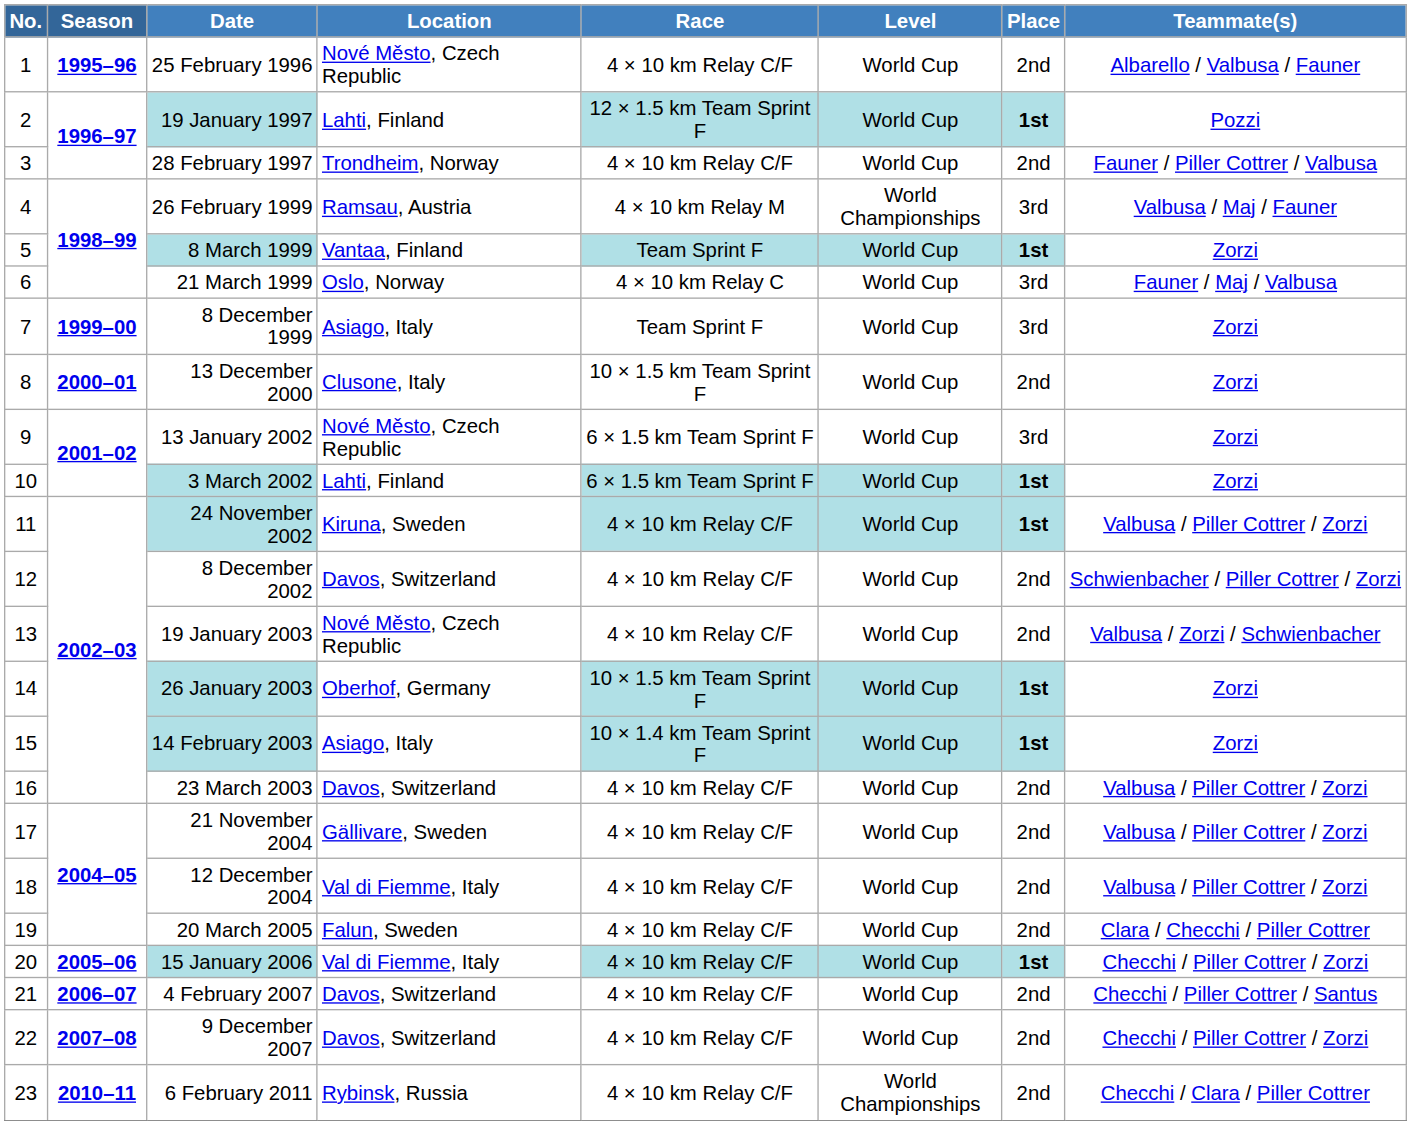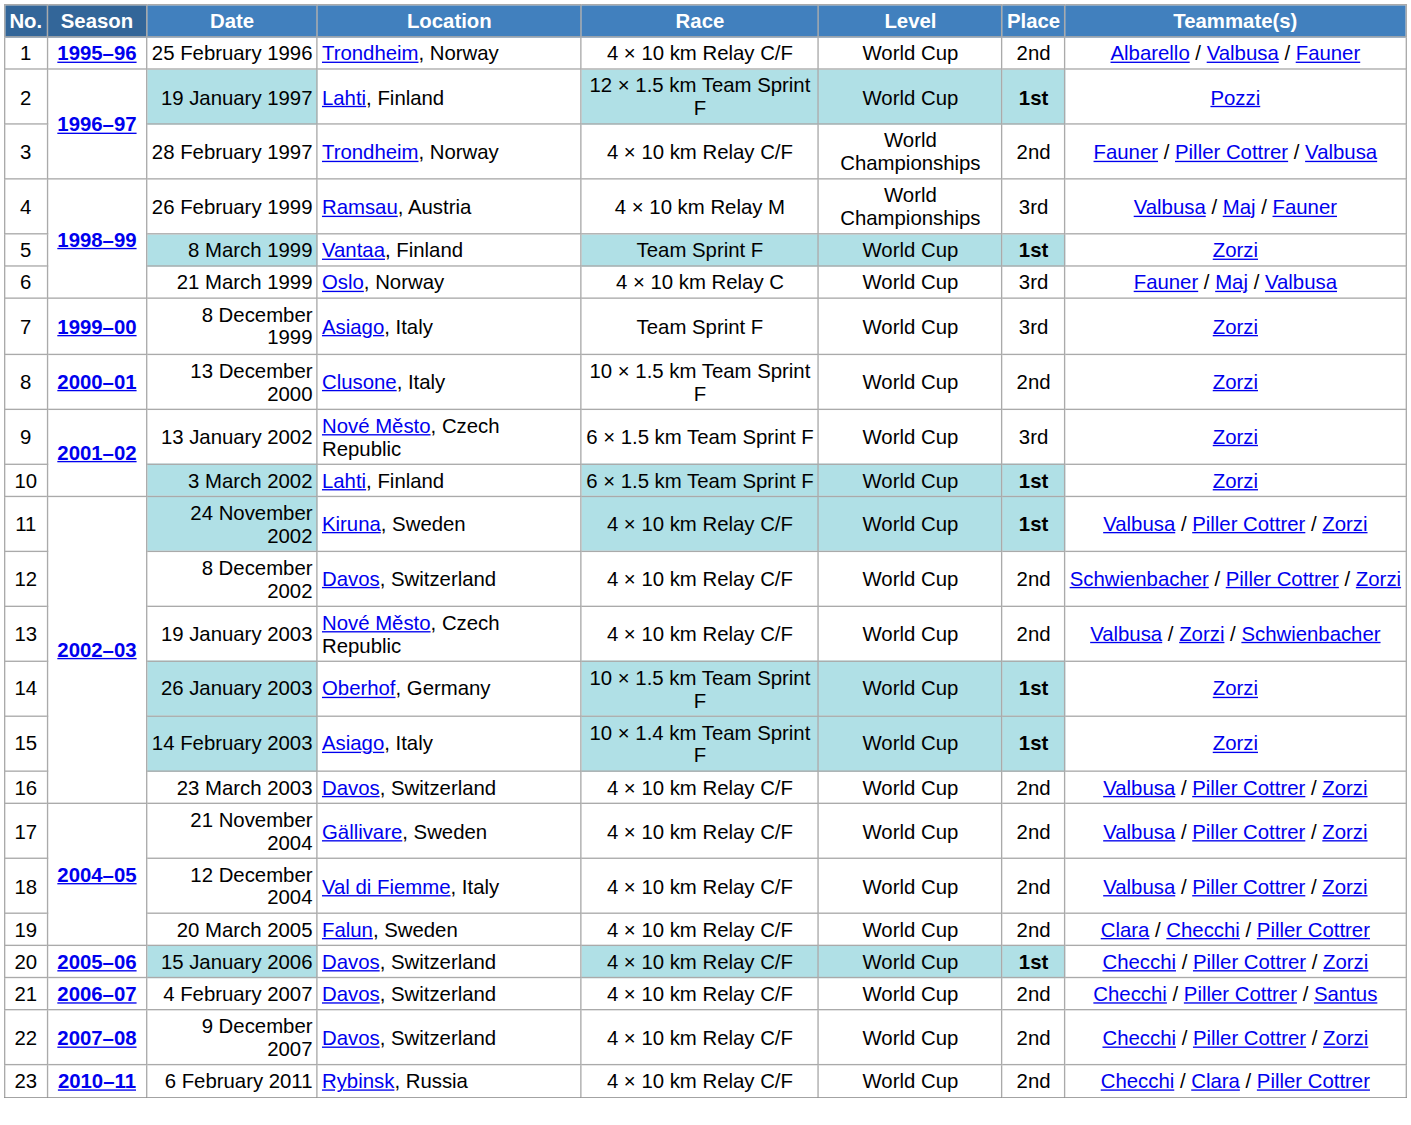 <table class="wikitable sortable" style="font-size:95%; text-align:center; border:grey solid 1px; border-collapse:collapse; background:#ffffff;">
 <tr style="background:#efefef;">
 <th style="background-color:#369; color:white;">No.</th>
 <th style="background-color:#369; color:white;">Season</th>
 <th style="background-color:#4180be; color:white; width:120px;">Date</th>
 <th style="background-color:#4180be; color:white; width:190px;">Location</th>
 <th style="background-color:#4180be; color:white; width:170px;">Race</th>
 <th style="background-color:#4180be; color:white; width:130px;">Level</th>
 <th style="background-color:#4180be; color:white;">Place</th>
 <th style="background-color:#4180be; color:white;">Teammate(s)</th>
 </tr>
 <tr>
 <td align=center>1</td>
 <td rowspan=1 align=center><strong> <a href='#'>1995–96</a> </strong></td>
 <td align=right>25 February 1996</td>
-<td align=left> <a href='#'>Nové Město</a>, Czech Republic</td>
+<td align=left> <a href='#'>Trondheim</a>, Norway</td>
 <td>4 × 10 km Relay C/F</td>
 <td>World Cup</td>
 <td>2nd</td>
 <td><a href='#'>Albarello</a> / <a href='#'>Valbusa</a> / <a href='#'>Fauner</a></td>
 </tr>
 <tr>
 <td align=center>2</td>
 <td rowspan=2 align=center><strong><a href='#'>1996–97</a></strong></td>
 <td bgcolor="#BOEOE6" align=right>19 January 1997</td>
 <td align=left> <a href='#'>Lahti</a>, Finland</td>
 <td bgcolor="#BOEOE6">12 × 1.5 km Team Sprint F</td>
 <td bgcolor="#BOEOE6">World Cup</td>
 <td bgcolor="#BOEOE6"><strong>1st</strong></td>
 <td><a href='#'>Pozzi</a></td>
 </tr>
 <tr>
 <td align=center>3</td>
 <td align=right>28 February 1997</td>
 <td align=left> <a href='#'>Trondheim</a>, Norway</td>
 <td>4 × 10 km Relay C/F</td>
-<td>World Cup</td>
+<td>World Championships</td>
 <td>2nd</td>
 <td><a href='#'>Fauner</a> / <a href='#'>Piller Cottrer</a> / <a href='#'>Valbusa</a></td>
 </tr>
 <tr>
 <td align=center>4</td>
 <td rowspan=3 align=center><strong> <a href='#'>1998–99</a> </strong></td>
 <td align=right>26 February 1999</td>
 <td align=left> <a href='#'>Ramsau</a>, Austria</td>
 <td>4 × 10 km Relay M</td>
 <td>World Championships</td>
 <td>3rd</td>
 <td><a href='#'>Valbusa</a> / <a href='#'>Maj</a> / <a href='#'>Fauner</a></td>
 </tr>
 <tr>
 <td align=center>5</td>
 <td bgcolor="#BOEOE6" align=right>8 March 1999</td>
 <td align=left> <a href='#'>Vantaa</a>, Finland</td>
 <td bgcolor="#BOEOE6">Team Sprint F</td>
 <td bgcolor="#BOEOE6">World Cup</td>
 <td bgcolor="#BOEOE6"><strong>1st</strong></td>
 <td><a href='#'>Zorzi</a></td>
 </tr>
 <tr>
 <td align=center>6</td>
 <td align=right>21 March 1999</td>
 <td align=left> <a href='#'>Oslo</a>, Norway</td>
 <td>4 × 10 km Relay C</td>
 <td>World Cup</td>
 <td>3rd</td>
 <td><a href='#'>Fauner</a> / <a href='#'>Maj</a> / <a href='#'>Valbusa</a></td>
 </tr>
 <tr>
 <td align=center>7</td>
 <td rowspan=1 align=center><strong> <a href='#'>1999–00</a> </strong></td>
 <td align=right>8 December 1999</td>
 <td align=left> <a href='#'>Asiago</a>, Italy</td>
 <td>Team Sprint F</td>
 <td>World Cup</td>
 <td>3rd</td>
 <td><a href='#'>Zorzi</a></td>
 </tr>
 <tr>
 <td align=center>8</td>
 <td rowspan=1 align=center><strong> <a href='#'>2000–01</a> </strong></td>
 <td align=right>13 December 2000</td>
 <td align=left> <a href='#'>Clusone</a>, Italy</td>
 <td>10 × 1.5 km Team Sprint F</td>
 <td>World Cup</td>
 <td>2nd</td>
 <td><a href='#'>Zorzi</a></td>
 </tr>
 <tr>
 <td align=center>9</td>
 <td rowspan=2 align=center><strong> <a href='#'>2001–02</a> </strong></td>
 <td align=right>13 January 2002</td>
 <td align=left> <a href='#'>Nové Město</a>, Czech Republic</td>
 <td>6 × 1.5 km Team Sprint F</td>
 <td>World Cup</td>
 <td>3rd</td>
 <td><a href='#'>Zorzi</a></td>
 </tr>
 <tr>
 <td align=center>10</td>
 <td bgcolor="#BOEOE6" align=right>3 March 2002</td>
 <td align=left> <a href='#'>Lahti</a>, Finland</td>
 <td bgcolor="#BOEOE6">6 × 1.5 km Team Sprint F</td>
 <td bgcolor="#BOEOE6">World Cup</td>
 <td bgcolor="#BOEOE6"><strong>1st</strong></td>
 <td><a href='#'>Zorzi</a></td>
 </tr>
 <tr>
 <td align=center>11</td>
 <td rowspan=6 align=center><strong><a href='#'>2002–03</a></strong></td>
 <td bgcolor="#BOEOE6" align=right>24 November 2002</td>
 <td align=left> <a href='#'>Kiruna</a>, Sweden</td>
 <td bgcolor="#BOEOE6">4 × 10 km Relay C/F</td>
 <td bgcolor="#BOEOE6">World Cup</td>
 <td bgcolor="#BOEOE6"><strong>1st</strong></td>
 <td><a href='#'>Valbusa</a> / <a href='#'>Piller Cottrer</a> / <a href='#'>Zorzi</a></td>
 </tr>
 <tr>
 <td align=center>12</td>
 <td align=right>8 December 2002</td>
 <td align=left> <a href='#'>Davos</a>, Switzerland</td>
 <td>4 × 10 km Relay C/F</td>
 <td>World Cup</td>
 <td>2nd</td>
 <td><a href='#'>Schwienbacher</a> / <a href='#'>Piller Cottrer</a> / <a href='#'>Zorzi</a></td>
 </tr>
 <tr>
 <td align=center>13</td>
 <td align=right>19 January 2003</td>
 <td align=left> <a href='#'>Nové Město</a>, Czech Republic</td>
 <td>4 × 10 km Relay C/F</td>
 <td>World Cup</td>
 <td>2nd</td>
 <td><a href='#'>Valbusa</a> / <a href='#'>Zorzi</a> / <a href='#'>Schwienbacher</a></td>
 </tr>
 <tr>
 <td align=center>14</td>
 <td bgcolor="#BOEOE6" align=right>26 January 2003</td>
 <td align=left> <a href='#'>Oberhof</a>, Germany</td>
 <td bgcolor="#BOEOE6">10 × 1.5 km Team Sprint F</td>
 <td bgcolor="#BOEOE6">World Cup</td>
 <td bgcolor="#BOEOE6"><strong>1st</strong></td>
 <td><a href='#'>Zorzi</a></td>
 </tr>
 <tr>
 <td align=center>15</td>
 <td bgcolor="#BOEOE6" align=right>14 February 2003</td>
 <td align=left> <a href='#'>Asiago</a>, Italy</td>
 <td bgcolor="#BOEOE6">10 × 1.4 km Team Sprint F</td>
 <td bgcolor="#BOEOE6">World Cup</td>
 <td bgcolor="#BOEOE6"><strong>1st</strong></td>
 <td><a href='#'>Zorzi</a></td>
 </tr>
 <tr>
 <td align=center>16</td>
 <td align=right>23 March 2003</td>
 <td align=left> <a href='#'>Davos</a>, Switzerland</td>
 <td>4 × 10 km Relay C/F</td>
 <td>World Cup</td>
 <td>2nd</td>
 <td><a href='#'>Valbusa</a> / <a href='#'>Piller Cottrer</a> / <a href='#'>Zorzi</a></td>
 </tr>
 <tr>
 <td align=center>17</td>
 <td rowspan=3 align=center><strong> <a href='#'>2004–05</a> </strong></td>
 <td align=right>21 November 2004</td>
 <td align=left> <a href='#'>Gällivare</a>, Sweden</td>
 <td>4 × 10 km Relay C/F</td>
 <td>World Cup</td>
 <td>2nd</td>
 <td><a href='#'>Valbusa</a> / <a href='#'>Piller Cottrer</a> / <a href='#'>Zorzi</a></td>
 </tr>
 <tr>
 <td align=center>18</td>
 <td align=right>12 December 2004</td>
 <td align=left> <a href='#'>Val di Fiemme</a>, Italy</td>
 <td>4 × 10 km Relay C/F</td>
 <td>World Cup</td>
 <td>2nd</td>
 <td><a href='#'>Valbusa</a> / <a href='#'>Piller Cottrer</a> / <a href='#'>Zorzi</a></td>
 </tr>
 <tr>
 <td align=center>19</td>
 <td align=right>20 March 2005</td>
 <td align=left> <a href='#'>Falun</a>, Sweden</td>
 <td>4 × 10 km Relay C/F</td>
 <td>World Cup</td>
 <td>2nd</td>
 <td><a href='#'>Clara</a> / <a href='#'>Checchi</a> / <a href='#'>Piller Cottrer</a></td>
 </tr>
 <tr>
 <td align=center>20</td>
 <td rowspan=1 align=center><strong><a href='#'>2005–06</a></strong></td>
 <td bgcolor="#BOEOE6" align=right>15 January 2006</td>
-<td align=left> <a href='#'>Val di Fiemme</a>, Italy</td>
+<td align=left> <a href='#'>Davos</a>, Switzerland</td>
 <td bgcolor="#BOEOE6">4 × 10 km Relay C/F</td>
 <td bgcolor="#BOEOE6">World Cup</td>
 <td bgcolor="#BOEOE6"><strong>1st</strong></td>
 <td><a href='#'>Checchi</a> / <a href='#'>Piller Cottrer</a> / <a href='#'>Zorzi</a></td>
 </tr>
 <tr>
 <td align=center>21</td>
 <td rowspan=1 align=center><strong> <a href='#'>2006–07</a> </strong></td>
 <td align=right>4 February 2007</td>
 <td align=left> <a href='#'>Davos</a>, Switzerland</td>
 <td>4 × 10 km Relay C/F</td>
 <td>World Cup</td>
 <td>2nd</td>
 <td><a href='#'>Checchi</a> / <a href='#'>Piller Cottrer</a> / <a href='#'>Santus</a></td>
 </tr>
 <tr>
 <td align=center>22</td>
 <td rowspan=1 align=center><strong> <a href='#'>2007–08</a> </strong></td>
 <td align=right>9 December 2007</td>
 <td align=left> <a href='#'>Davos</a>, Switzerland</td>
 <td>4 × 10 km Relay C/F</td>
 <td>World Cup</td>
 <td>2nd</td>
 <td><a href='#'>Checchi</a> / <a href='#'>Piller Cottrer</a> / <a href='#'>Zorzi</a></td>
 </tr>
 <tr>
 <td align=center>23</td>
 <td rowspan=1 align=center><strong> <a href='#'>2010–11</a> </strong></td>
 <td align=right>6 February 2011</td>
 <td align=left> <a href='#'>Rybinsk</a>, Russia</td>
 <td>4 × 10 km Relay C/F</td>
-<td>World Championships</td>
+<td>World Cup</td>
 <td>2nd</td>
 <td><a href='#'>Checchi</a> / <a href='#'>Clara</a> / <a href='#'>Piller Cottrer</a></td>
 </tr>
 <tr>
 </tr>
 </table>
